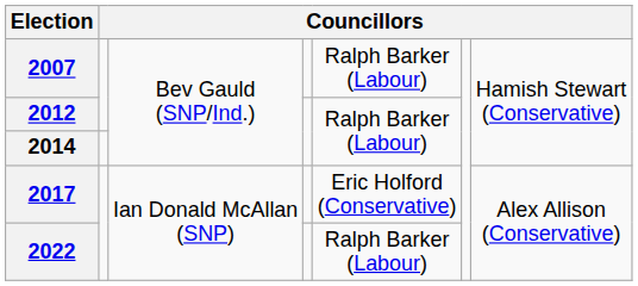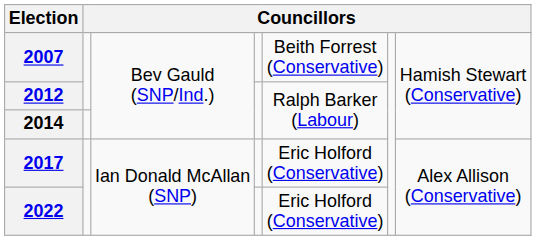 <table class="wikitable" style="text-align:center">
 <tr>
 <th>Election</th>
 <th colspan=8>Councillors</th>
 </tr>
 <tr>
 <th><a href='#'>2007</a></th>
 <td rowspan=2; style="background-color: "></td>
 <td rowspan=3>Bev Gauld<br>(<a href='#'>SNP</a>/<a href='#'>Ind</a>.)</td>
 <td rowspan=1; style="background-color: "></td>
-<td rowspan=1>Ralph Barker<br>(<a href='#'>Labour</a>)</td>
+<td rowspan=1>Beith Forrest<br>(<a href='#'>Conservative</a>)</td>
 <td rowspan=5; style="background-color: "></td>
 <td rowspan=3>Hamish Stewart<br>(<a href='#'>Conservative</a>)</td>
 </tr>
 <tr>
 <th><a href='#'>2012</a></th>
 <td rowspan=2; style="background-color: "></td>
 <td rowspan=2>Ralph Barker<br>(<a href='#'>Labour</a>)</td>
 </tr>
 <tr>
 <th>2014</th>
 <td rowspan=1; style="background-color: "></td>
 </tr>
 <tr>
 <th><a href='#'>2017</a></th>
 <td rowspan=2; style="background-color: "></td>
 <td rowspan=2>Ian Donald McAllan<br>(<a href='#'>SNP</a>)</td>
 <td rowspan=1; style="background-color: "></td>
 <td rowspan=1>Eric Holford<br>(<a href='#'>Conservative</a>)</td>
 <td rowspan=2>Alex Allison<br>(<a href='#'>Conservative</a>)</td>
 </tr>
 <tr>
 <th><a href='#'>2022</a></th>
 <td rowspan=1; style="background-color: "></td>
-<td rowspan=1>Ralph Barker<br>(<a href='#'>Labour</a>)</td>
+<td rowspan=1>Eric Holford<br>(<a href='#'>Conservative</a>)</td>
 </tr>
 </table>
